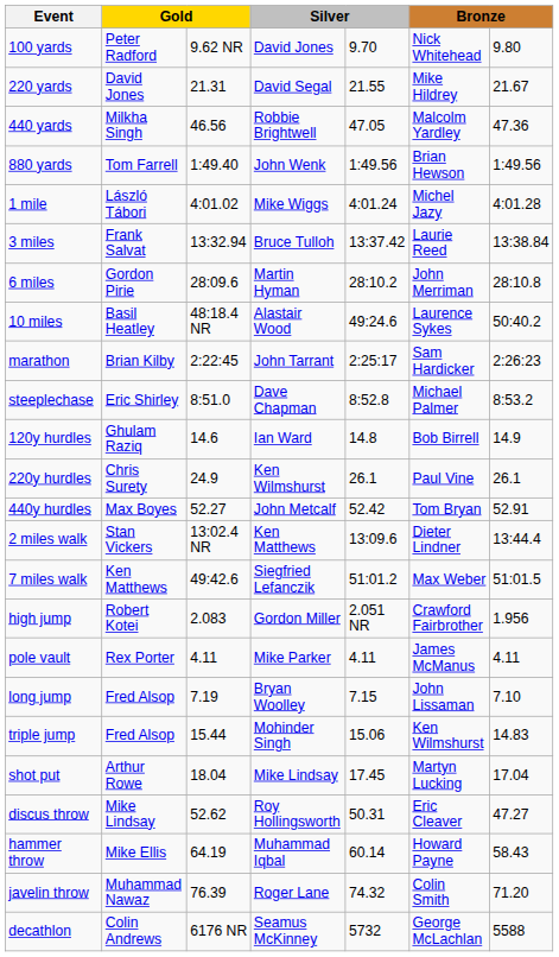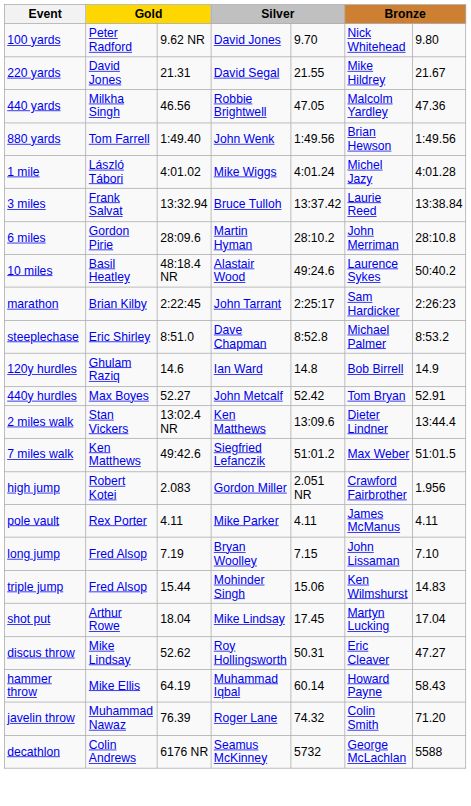 <table class="wikitable" style="text-align:left">
 <tr>
 <th width=100>Event</th>
 <th colspan="2" width="280" style="background:gold;">Gold</th>
 <th colspan="2" width="280" style="background:silver;">Silver</th>
 <th colspan="2" width="280" style="background:#CD7F32;">Bronze</th>
 </tr>
 <tr>
 <td><a href='#'>100 yards</a></td>
 <td><a href='#'>Peter Radford</a></td>
 <td>9.62 NR</td>
 <td><a href='#'>David Jones</a></td>
 <td>9.70</td>
 <td> <a href='#'>Nick Whitehead</a></td>
 <td>9.80</td>
 </tr>
 <tr>
 <td><a href='#'>220 yards</a></td>
 <td><a href='#'>David Jones</a></td>
 <td>21.31</td>
 <td><a href='#'>David Segal</a></td>
 <td>21.55</td>
 <td> <a href='#'>Mike Hildrey</a></td>
 <td>21.67</td>
 </tr>
 <tr>
 <td><a href='#'>440 yards</a></td>
 <td> <a href='#'>Milkha Singh</a></td>
 <td>46.56</td>
 <td><a href='#'>Robbie Brightwell</a></td>
 <td>47.05</td>
 <td><a href='#'>Malcolm Yardley</a></td>
 <td>47.36</td>
 </tr>
 <tr>
 <td><a href='#'>880 yards</a></td>
 <td><a href='#'>Tom Farrell</a></td>
 <td>1:49.40</td>
 <td> <a href='#'>John Wenk</a></td>
 <td>1:49.56</td>
 <td><a href='#'>Brian Hewson</a></td>
 <td>1:49.56</td>
 </tr>
 <tr>
 <td><a href='#'>1 mile</a></td>
 <td> <a href='#'>László Tábori</a></td>
 <td>4:01.02</td>
 <td><a href='#'>Mike Wiggs</a></td>
 <td>4:01.24</td>
 <td> <a href='#'>Michel Jazy</a></td>
 <td>4:01.28</td>
 </tr>
 <tr>
 <td><a href='#'>3 miles</a></td>
 <td><a href='#'>Frank Salvat</a></td>
 <td>13:32.94</td>
 <td><a href='#'>Bruce Tulloh</a></td>
 <td>13:37.42</td>
 <td><a href='#'>Laurie Reed</a></td>
 <td>13:38.84</td>
 </tr>
 <tr>
 <td><a href='#'>6 miles</a></td>
 <td><a href='#'>Gordon Pirie</a></td>
 <td>28:09.6</td>
 <td><a href='#'>Martin Hyman</a></td>
 <td>28:10.2</td>
 <td> <a href='#'>John Merriman</a></td>
 <td>28:10.8</td>
 </tr>
 <tr>
 <td><a href='#'>10 miles</a></td>
 <td><a href='#'>Basil Heatley</a></td>
 <td>48:18.4 NR</td>
 <td> <a href='#'>Alastair Wood</a></td>
 <td>49:24.6</td>
 <td><a href='#'>Laurence Sykes</a></td>
 <td>50:40.2</td>
 </tr>
 <tr>
 <td><a href='#'>marathon</a></td>
 <td><a href='#'>Brian Kilby</a></td>
 <td>2:22:45</td>
 <td><a href='#'>John Tarrant</a></td>
 <td>2:25:17</td>
 <td><a href='#'>Sam Hardicker</a></td>
 <td>2:26:23</td>
 </tr>
 <tr>
 <td><a href='#'>steeplechase</a></td>
 <td><a href='#'>Eric Shirley</a></td>
 <td>8:51.0</td>
 <td><a href='#'>Dave Chapman</a></td>
 <td>8:52.8</td>
 <td><a href='#'>Michael Palmer</a></td>
 <td>8:53.2</td>
 </tr>
 <tr>
 <td><a href='#'>120y hurdles</a></td>
 <td> <a href='#'>Ghulam Raziq</a></td>
 <td>14.6</td>
 <td><a href='#'>Ian Ward</a></td>
 <td>14.8</td>
 <td><a href='#'>Bob Birrell</a></td>
 <td>14.9</td>
-</tr>
-<tr>
-<td><a href='#'>220y hurdles</a></td>
-<td><a href='#'>Chris Surety</a></td>
-<td>24.9</td>
-<td><a href='#'>Ken Wilmshurst</a></td>
-<td>26.1</td>
-<td><a href='#'>Paul Vine</a></td>
-<td>26.1</td>
 </tr>
 <tr>
 <td><a href='#'>440y hurdles</a></td>
 <td><a href='#'>Max Boyes</a></td>
 <td>52.27</td>
 <td><a href='#'>John Metcalf</a></td>
 <td>52.42</td>
 <td><a href='#'>Tom Bryan</a></td>
 <td>52.91</td>
 </tr>
 <tr>
 <td><a href='#'>2 miles walk</a></td>
 <td><a href='#'>Stan Vickers</a></td>
 <td>13:02.4 NR</td>
 <td><a href='#'>Ken Matthews</a></td>
 <td>13:09.6</td>
 <td> <a href='#'>Dieter Lindner</a></td>
 <td>13:44.4</td>
 </tr>
 <tr>
 <td><a href='#'>7 miles walk</a></td>
 <td><a href='#'>Ken Matthews</a></td>
 <td>49:42.6</td>
 <td> <a href='#'>Siegfried Lefanczik</a></td>
 <td>51:01.2</td>
 <td> <a href='#'>Max Weber</a></td>
 <td>51:01.5</td>
 </tr>
 <tr>
 <td><a href='#'>high jump</a></td>
 <td> <a href='#'>Robert Kotei</a></td>
 <td>2.083</td>
 <td><a href='#'>Gordon Miller</a></td>
 <td>2.051 NR</td>
 <td> <a href='#'>Crawford Fairbrother</a></td>
 <td>1.956</td>
 </tr>
 <tr>
 <td><a href='#'>pole vault</a></td>
 <td><a href='#'>Rex Porter</a></td>
 <td>4.11</td>
 <td><a href='#'>Mike Parker</a></td>
 <td>4.11</td>
 <td><a href='#'>James McManus</a></td>
 <td>4.11</td>
 </tr>
 <tr>
 <td><a href='#'>long jump</a></td>
 <td><a href='#'>Fred Alsop</a></td>
 <td>7.19</td>
 <td><a href='#'>Bryan Woolley</a></td>
 <td>7.15</td>
 <td><a href='#'>John Lissaman</a></td>
 <td>7.10</td>
 </tr>
 <tr>
 <td><a href='#'>triple jump</a></td>
 <td><a href='#'>Fred Alsop</a></td>
 <td>15.44</td>
 <td> <a href='#'>Mohinder Singh</a></td>
 <td>15.06</td>
 <td><a href='#'>Ken Wilmshurst</a></td>
 <td>14.83</td>
 </tr>
 <tr>
 <td><a href='#'>shot put</a></td>
 <td><a href='#'>Arthur Rowe</a></td>
 <td>18.04</td>
 <td> <a href='#'>Mike Lindsay</a></td>
 <td>17.45</td>
 <td><a href='#'>Martyn Lucking</a></td>
 <td>17.04</td>
 </tr>
 <tr>
 <td><a href='#'>discus throw</a></td>
 <td> <a href='#'>Mike Lindsay</a></td>
 <td>52.62</td>
 <td> <a href='#'>Roy Hollingsworth</a></td>
 <td>50.31</td>
 <td><a href='#'>Eric Cleaver</a></td>
 <td>47.27</td>
 </tr>
 <tr>
 <td><a href='#'>hammer throw</a></td>
 <td><a href='#'>Mike Ellis</a></td>
 <td>64.19</td>
 <td> <a href='#'>Muhammad Iqbal</a></td>
 <td>60.14</td>
 <td><a href='#'>Howard Payne</a></td>
 <td>58.43</td>
 </tr>
 <tr>
 <td><a href='#'>javelin throw</a></td>
 <td> <a href='#'>Muhammad Nawaz</a></td>
 <td>76.39</td>
 <td><a href='#'>Roger Lane</a></td>
 <td>74.32</td>
 <td><a href='#'>Colin Smith</a></td>
 <td>71.20</td>
 </tr>
 <tr>
 <td><a href='#'>decathlon</a></td>
 <td><a href='#'>Colin Andrews</a></td>
 <td>6176 NR</td>
 <td><a href='#'>Seamus McKinney</a></td>
 <td>5732</td>
 <td> <a href='#'>George McLachlan</a></td>
 <td>5588</td>
 </tr>
 </table>
